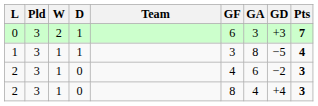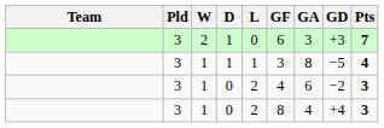 <table class="wikitable" style="text-align:center;">
 <tr>
-<th width=20>L</th>
+<th width=165>Team</th>
 <th width=20>Pld</th>
 <th width=20>W</th>
 <th width=20>D</th>
-<th width=165>Team</th>
+<th width=20>L</th>
 <th width=20>GF</th>
 <th width=20>GA</th>
 <th width=20>GD</th>
 <th width=20>Pts</th>
 </tr>
 <tr align=center bgcolor="ccffcc">
-<td>0</td>
+<td style="text-align:left;"></td>
 <td>3</td>
 <td>2</td>
 <td>1</td>
-<td style="text-align:left;"></td>
+<td>0</td>
 <td>6</td>
 <td>3</td>
 <td>+3</td>
 <td><strong>7</strong></td>
 </tr>
 <tr align=center>
-<td>1</td>
+<td style="text-align:left;"></td>
 <td>3</td>
 <td>1</td>
 <td>1</td>
-<td style="text-align:left;"></td>
+<td>1</td>
 <td>3</td>
 <td>8</td>
 <td>−5</td>
 <td><strong>4</strong></td>
 </tr>
 <tr align=center>
-<td>2</td>
+<td style="text-align:left;"></td>
 <td>3</td>
 <td>1</td>
 <td>0</td>
-<td style="text-align:left;"></td>
+<td>2</td>
 <td>4</td>
 <td>6</td>
 <td>−2</td>
 <td><strong>3</strong></td>
 </tr>
 <tr align=center>
-<td>2</td>
+<td style="text-align:left;"></td>
 <td>3</td>
 <td>1</td>
 <td>0</td>
-<td style="text-align:left;"></td>
+<td>2</td>
 <td>8</td>
 <td>4</td>
 <td>+4</td>
 <td><strong>3</strong></td>
 </tr>
 </table>
